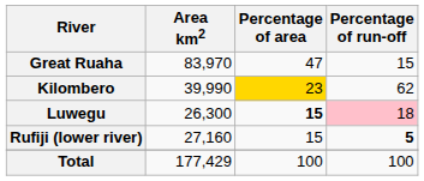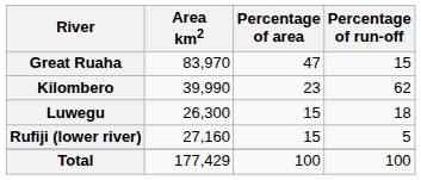 <table class="wikitable" border="3" style="margin-left: 3em;" style="margin-right: 3em;">
 <tr>
 <th scope="col">River</th>
 <th scope="col">Area<br>km<sup>2</sup></th>
 <th scope="col">Percentage<br>of area</th>
 <th scope="col">Percentage<br>of run-off</th>
 </tr>
 <tr>
 <th scope="row">Great Ruaha</th>
 <td align="right">     83,970</td>
 <td align="right">47</td>
 <td align="right">15</td>
 </tr>
 <tr>
 <th scope="row">Kilombero</th>
 <td align="right">39,990</td>
-<td align="right" style="background: gold;">23</td>
+<td align="right">23</td>
 <td align="right">62</td>
 </tr>
 <tr>
 <th scope="row">Luwegu</th>
 <td align="right">26,300</td>
-<td align="right"><strong>15</strong></td>
-<td align="right" style="background: pink;">18</td>
+<td align="right">15</td>
+<td align="right">18</td>
 </tr>
 <tr>
 <th scope="row">Rufiji (lower river)</th>
 <td align="right">27,160</td>
 <td align="right">15</td>
-<td align="right"><strong>5</strong></td>
+<td align="right">5</td>
 </tr>
 <tr>
 </tr>
 <tr>
 <th scope="row"><strong>Total</strong></th>
 <td align="right">      177,429</td>
 <td align="right">100</td>
 <td align="right">100</td>
 </tr>
 </table>
